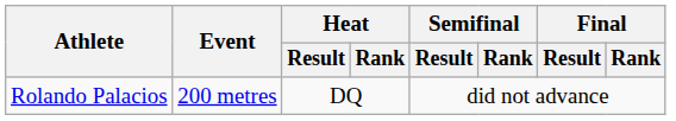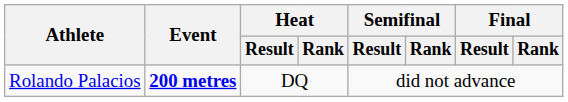 <table class="wikitable" style="font-size:90%">
 <tr>
 <th rowspan="2">Athlete</th>
 <th rowspan="2">Event</th>
 <th colspan="2">Heat</th>
 <th colspan="2">Semifinal</th>
 <th colspan="2">Final</th>
 </tr>
 <tr style="font-size:95%">
 <th>Result</th>
 <th>Rank</th>
 <th>Result</th>
 <th>Rank</th>
 <th>Result</th>
 <th>Rank</th>
 </tr>
 <tr style=text-align:center>
 <td style=text-align:left><a href='#'>Rolando Palacios</a></td>
-<td style=text-align:left><a href='#'>200 metres</a></td>
+<td style=text-align:left><strong><a href='#'>200 metres</a></strong></td>
 <td colspan=2>DQ</td>
 <td colspan=4>did not advance</td>
 </tr>
 </table>
